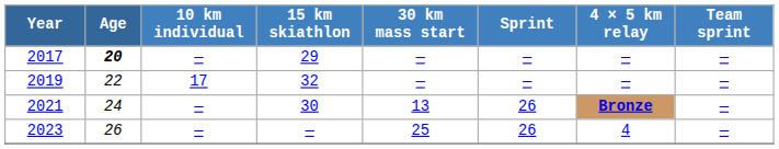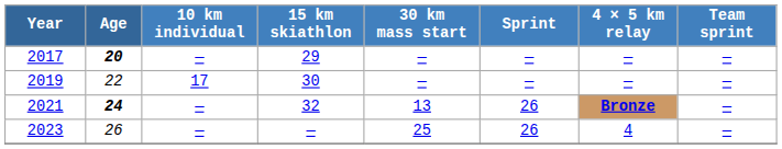 <table class="wikitable" style="font-size:95%; text-align:center; border:grey solid 1px; border-collapse:collapse; background:#ffffff;">
 <tr>
 <th style="background-color:#369; color:white; width:60px;"> Year </th>
 <th style="background-color:#369; color:white; width:40px;"> Age </th>
 <th style="background-color:#4180be; color:white; width:75px;"> 10 km <br> individual </th>
 <th style="background-color:#4180be; color:white; width:75px;"> 15 km <br> skiathlon </th>
 <th style="background-color:#4180be; color:white; width:75px;"> 30 km <br> mass start </th>
 <th style="background-color:#4180be; color:white; width:75px;"> Sprint </th>
 <th style="background-color:#4180be; color:white; width:75px;"> 4 × 5 km <br> relay </th>
 <th style="background-color:#4180be; color:white; width:75px;"> Team <br> sprint </th>
 </tr>
 <tr>
 <td><a href='#'>2017</a></td>
 <td><strong><em>20</em></strong></td>
 <td><a href='#'>—</a></td>
 <td><a href='#'>29</a></td>
 <td><a href='#'>—</a></td>
 <td><a href='#'>—</a></td>
 <td><a href='#'>—</a></td>
 <td><a href='#'>—</a></td>
 </tr>
 <tr>
 <td><a href='#'>2019</a></td>
 <td><em>22</em></td>
 <td><a href='#'>17</a></td>
-<td><a href='#'>32</a></td>
+<td><a href='#'>30</a></td>
 <td><a href='#'>—</a></td>
 <td><a href='#'>—</a></td>
 <td><a href='#'>—</a></td>
 <td><a href='#'>—</a></td>
 </tr>
 <tr>
 <td><a href='#'>2021</a></td>
-<td><em>24</em></td>
+<td><strong><em>24</em></strong></td>
 <td><a href='#'>—</a></td>
-<td><a href='#'>30</a></td>
+<td><a href='#'>32</a></td>
 <td><a href='#'>13</a></td>
 <td><a href='#'>26</a></td>
 <td style="background:#c96;"><a href='#'><strong>Bronze</strong></a></td>
 <td><a href='#'>—</a></td>
 </tr>
 <tr>
 <td><a href='#'>2023</a></td>
 <td><em>26</em></td>
 <td><a href='#'>—</a></td>
 <td><a href='#'>—</a></td>
 <td><a href='#'>25</a></td>
 <td><a href='#'>26</a></td>
 <td><a href='#'>4</a></td>
 <td><a href='#'>—</a></td>
 </tr>
 <tr>
 </tr>
 </table>
